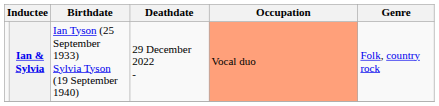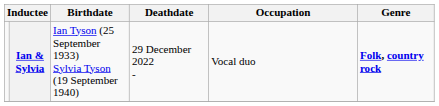 <table class="wikitable" width="100%">
 <tr>
 <th colspan=2>Inductee</th>
 <th width="20%">Birthdate</th>
 <th width="20%">Deathdate</th>
 <th width="40%">Occupation</th>
 <th width="40%">Genre</th>
 </tr>
 <tr>
 <td></td>
 <th><a href='#'>Ian & Sylvia</a></th>
 <td><a href='#'>Ian Tyson</a> (25 September 1933) <br> <a href='#'>Sylvia Tyson</a> (19 September 1940)</td>
 <td>29 December 2022 <br> -</td>
-<td style="background: lightsalmon;">Vocal duo</td>
-<td><a href='#'>Folk</a>, <a href='#'>country rock</a></td>
+<td>Vocal duo</td>
+<td><strong><a href='#'>Folk</a>, <a href='#'>country rock</a></strong></td>
 </tr>
 <tr>
 </tr>
 </table>
